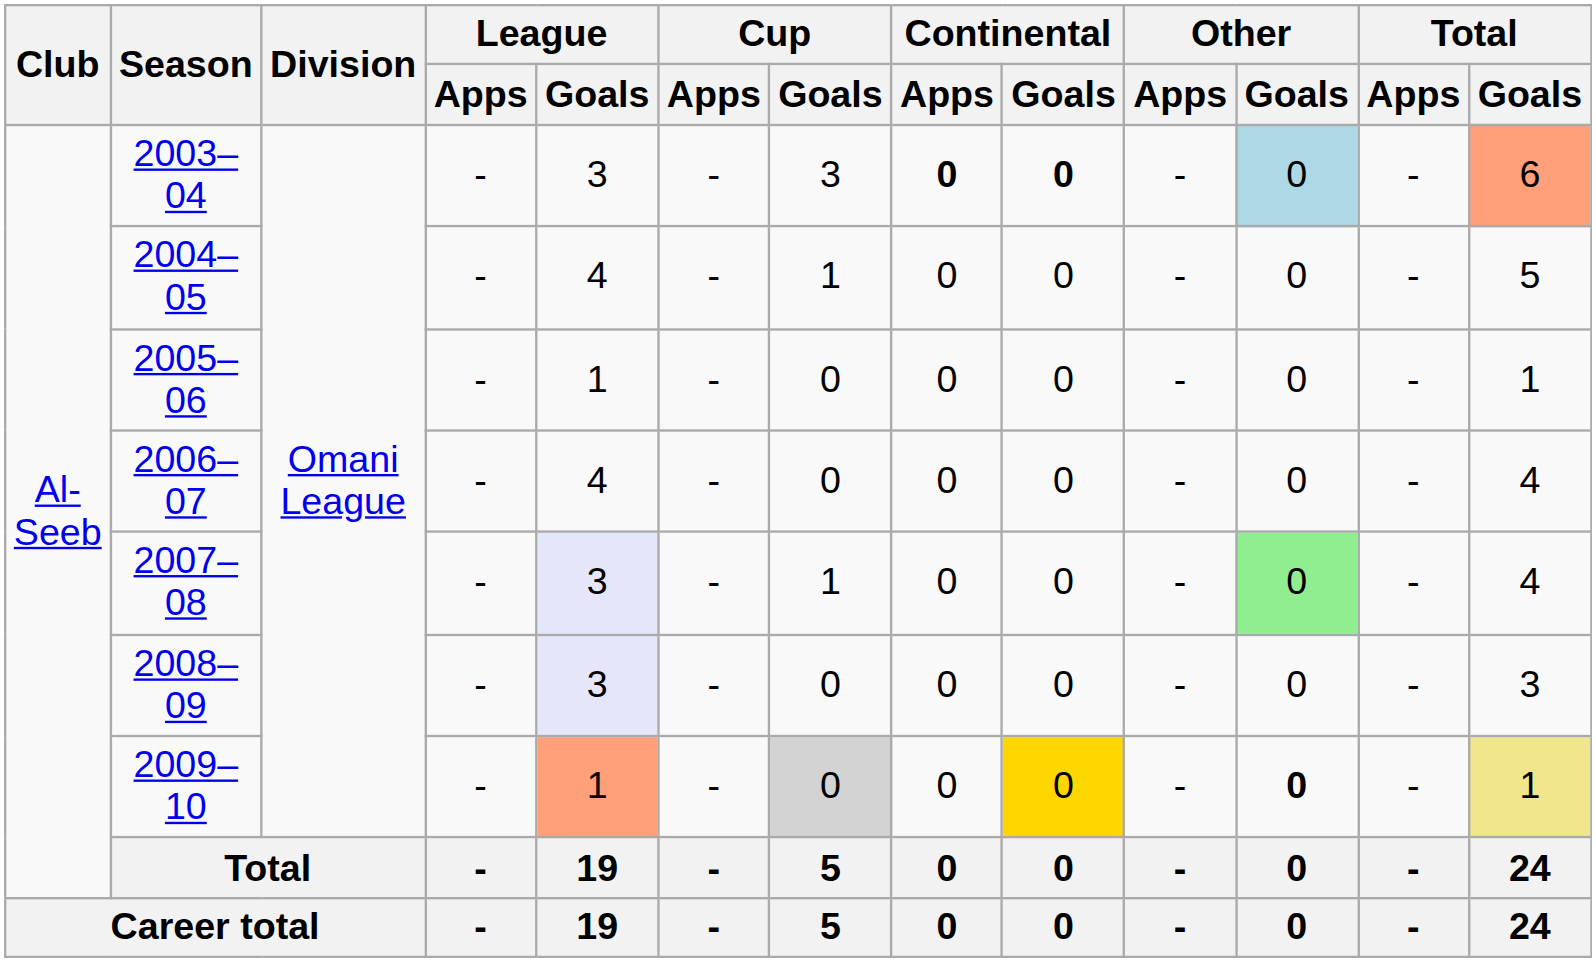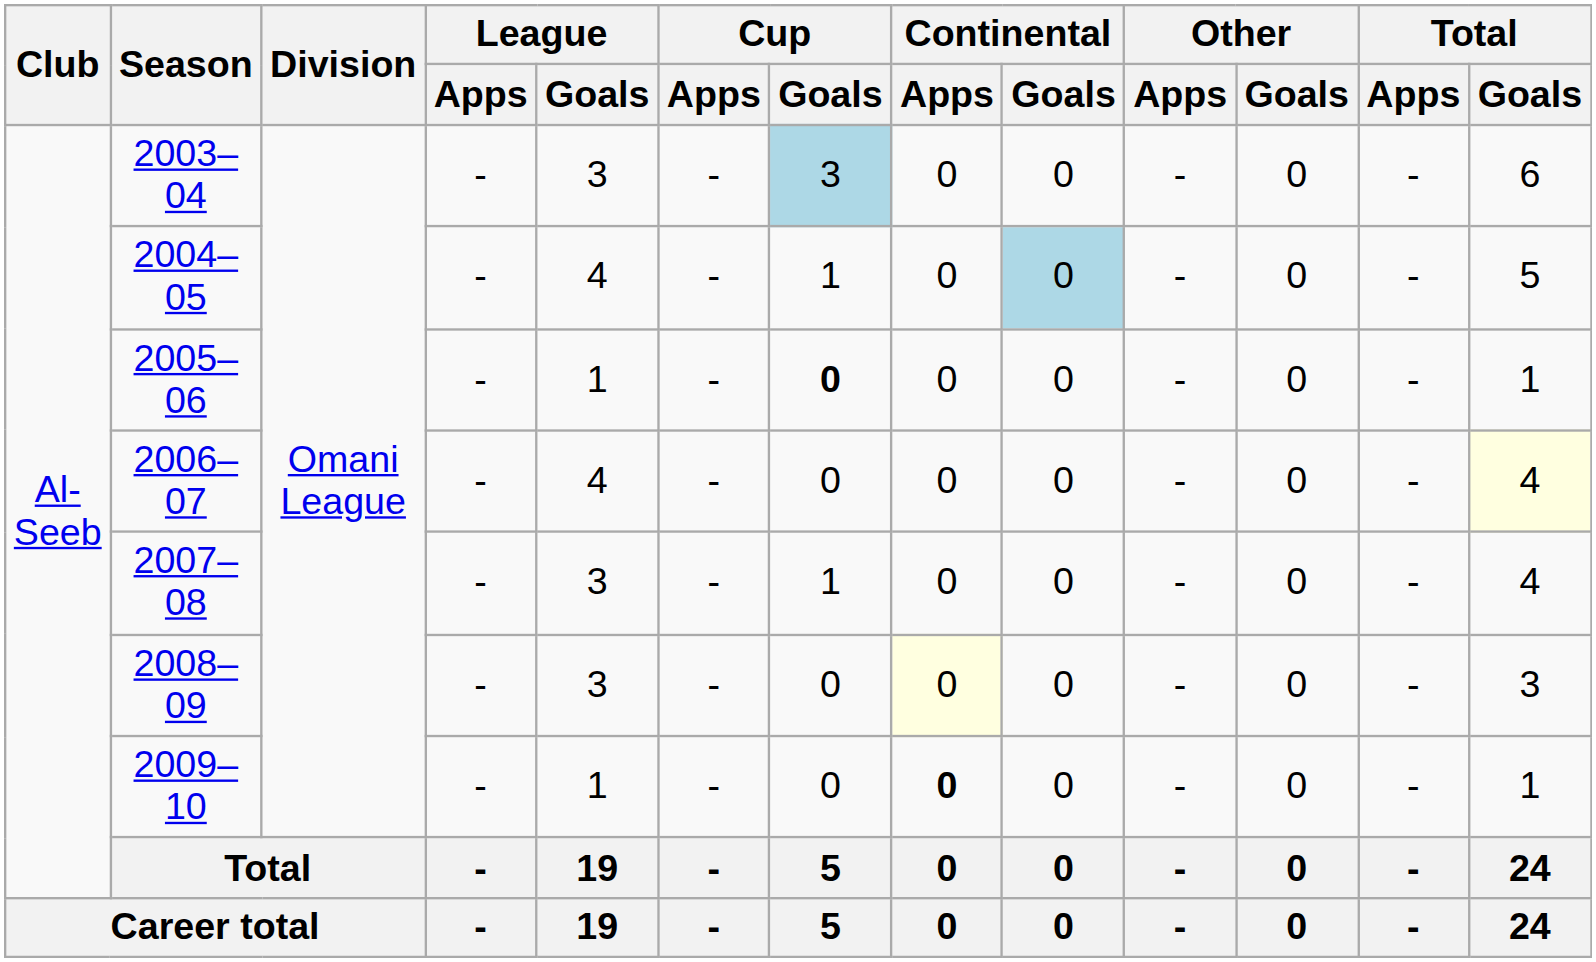 <table class="wikitable" style="text-align: center;">
 <tr>
 <th rowspan="2">Club</th>
 <th rowspan="2">Season</th>
 <th rowspan="2">Division</th>
 <th colspan="2">League</th>
 <th colspan="2">Cup</th>
 <th colspan="2">Continental</th>
 <th colspan="2">Other</th>
 <th colspan="2">Total</th>
 </tr>
 <tr>
 <th>Apps</th>
 <th>Goals</th>
 <th>Apps</th>
 <th>Goals</th>
 <th>Apps</th>
 <th>Goals</th>
 <th>Apps</th>
 <th>Goals</th>
 <th>Apps</th>
 <th>Goals</th>
 </tr>
 <tr>
 <td rowspan="8"><a href='#'>Al-Seeb</a></td>
 <td><a href='#'>2003–04</a></td>
 <td rowspan="7"><a href='#'>Omani League</a></td>
 <td>-</td>
 <td>3</td>
 <td>-</td>
-<td>3</td>
-<td><strong>0</strong></td>
-<td><strong>0</strong></td>
+<td style="background: lightblue;">3</td>
+<td>0</td>
+<td>0</td>
 <td>-</td>
-<td style="background: lightblue;">0</td>
+<td>0</td>
 <td>-</td>
-<td style="background: lightsalmon;">6</td>
+<td>6</td>
 </tr>
 <tr>
 <td><a href='#'>2004–05</a></td>
 <td>-</td>
 <td>4</td>
 <td>-</td>
 <td>1</td>
 <td>0</td>
-<td>0</td>
+<td style="background: lightblue;">0</td>
 <td>-</td>
 <td>0</td>
 <td>-</td>
 <td>5</td>
 </tr>
 <tr>
 <td><a href='#'>2005–06</a></td>
 <td>-</td>
 <td>1</td>
 <td>-</td>
-<td>0</td>
+<td><strong>0</strong></td>
 <td>0</td>
 <td>0</td>
 <td>-</td>
 <td>0</td>
 <td>-</td>
 <td>1</td>
 </tr>
 <tr>
 <td><a href='#'>2006–07</a></td>
 <td>-</td>
 <td>4</td>
 <td>-</td>
 <td>0</td>
 <td>0</td>
 <td>0</td>
 <td>-</td>
 <td>0</td>
 <td>-</td>
-<td>4</td>
+<td style="background: lightyellow;">4</td>
 </tr>
 <tr>
 <td><a href='#'>2007–08</a></td>
 <td>-</td>
-<td style="background: lavender;">3</td>
+<td>3</td>
 <td>-</td>
 <td>1</td>
 <td>0</td>
 <td>0</td>
 <td>-</td>
-<td style="background: lightgreen;">0</td>
+<td>0</td>
 <td>-</td>
 <td>4</td>
 </tr>
 <tr>
 <td><a href='#'>2008–09</a></td>
 <td>-</td>
-<td style="background: lavender;">3</td>
+<td>3</td>
 <td>-</td>
 <td>0</td>
-<td>0</td>
+<td style="background: lightyellow;">0</td>
 <td>0</td>
 <td>-</td>
 <td>0</td>
 <td>-</td>
 <td>3</td>
 </tr>
 <tr>
 <td><a href='#'>2009–10</a></td>
 <td>-</td>
-<td style="background: lightsalmon;">1</td>
+<td>1</td>
 <td>-</td>
-<td style="background: lightgrey;">0</td>
 <td>0</td>
-<td style="background: gold;">0</td>
+<td><strong>0</strong></td>
+<td>0</td>
 <td>-</td>
-<td><strong>0</strong></td>
+<td>0</td>
 <td>-</td>
-<td style="background: khaki;">1</td>
+<td>1</td>
 </tr>
 <tr>
 <th colspan="2">Total</th>
 <th>-</th>
 <th>19</th>
 <th>-</th>
 <th>5</th>
 <th>0</th>
 <th>0</th>
 <th>-</th>
 <th>0</th>
 <th>-</th>
 <th>24</th>
 </tr>
 <tr>
 <th colspan="3">Career total</th>
 <th>-</th>
 <th>19</th>
 <th>-</th>
 <th>5</th>
 <th>0</th>
 <th>0</th>
 <th>-</th>
 <th>0</th>
 <th>-</th>
 <th>24</th>
 </tr>
 </table>
